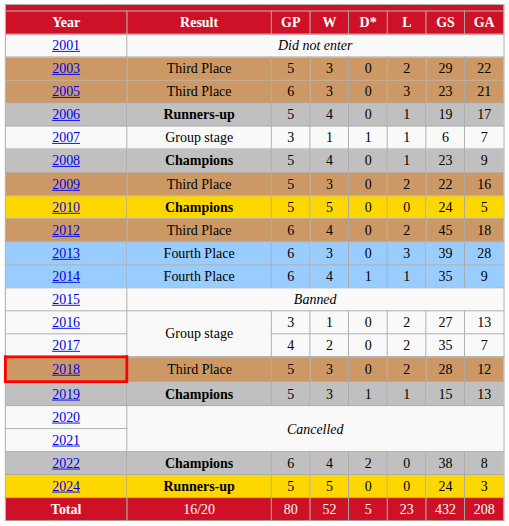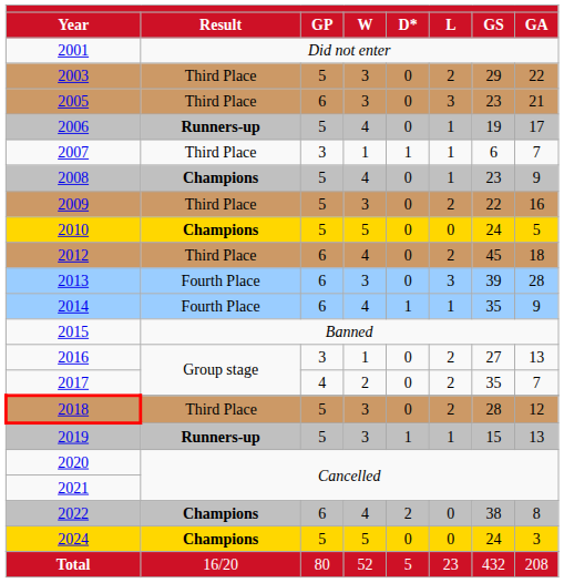 <table class="wikitable" style="text-align: center;font-size:95%;">
 <tr>
 <th colspan=9 style="background: #CE1126; color: #FFFFFF;"><a href='#'></a></th>
 </tr>
 <tr style="color:white;">
 <th style="background:#CE1126;" width=125>Year</th>
 <th style="background:#CE1126;" width=150>Result</th>
 <th style="background:#CE1126;" width=35>GP</th>
 <th style="background:#CE1126;" width=35>W</th>
 <th style="background:#CE1126;" width=35>D*</th>
 <th style="background:#CE1126;" width=35>L</th>
 <th style="background:#CE1126;" width=35>GS</th>
 <th style="background:#CE1126;" width=35>GA</th>
 </tr>
 <tr>
 <td> <a href='#'>2001</a></td>
 <td colspan=8><em>Did not enter</em></td>
 </tr>
 <tr bgcolor=#cc9966>
 <td> <a href='#'>2003</a></td>
 <td>Third Place</td>
 <td>5</td>
 <td>3</td>
 <td>0</td>
 <td>2</td>
 <td>29</td>
 <td>22</td>
 </tr>
 <tr bgcolor=#cc9966>
 <td> <a href='#'>2005</a></td>
 <td>Third Place</td>
 <td>6</td>
 <td>3</td>
 <td>0</td>
 <td>3</td>
 <td>23</td>
 <td>21</td>
 </tr>
 <tr bgcolor=silver>
 <td> <a href='#'>2006</a></td>
 <td><strong>Runners-up</strong></td>
 <td>5</td>
 <td>4</td>
 <td>0</td>
 <td>1</td>
 <td>19</td>
 <td>17</td>
 </tr>
 <tr>
 <td> <a href='#'>2007</a></td>
-<td>Group stage</td>
+<td>Third Place</td>
 <td>3</td>
 <td>1</td>
 <td>1</td>
 <td>1</td>
 <td>6</td>
 <td>7</td>
 </tr>
 <tr bgcolor=silver>
 <td> <a href='#'>2008</a></td>
 <td><strong>Champions</strong></td>
 <td>5</td>
 <td>4</td>
 <td>0</td>
 <td>1</td>
 <td>23</td>
 <td>9</td>
 </tr>
 <tr bgcolor=#cc9966>
 <td> <a href='#'>2009</a></td>
 <td>Third Place</td>
 <td>5</td>
 <td>3</td>
 <td>0</td>
 <td>2</td>
 <td>22</td>
 <td>16</td>
 </tr>
 <tr bgcolor=gold>
 <td> <a href='#'>2010</a></td>
 <td><strong>Champions</strong></td>
 <td>5</td>
 <td>5</td>
 <td>0</td>
 <td>0</td>
 <td>24</td>
 <td>5</td>
 </tr>
 <tr bgcolor=#cc9966>
 <td> <a href='#'>2012</a></td>
 <td>Third Place</td>
 <td>6</td>
 <td>4</td>
 <td>0</td>
 <td>2</td>
 <td>45</td>
 <td>18</td>
 </tr>
 <tr bgcolor=#9acdff>
 <td> <a href='#'>2013</a></td>
 <td>Fourth Place</td>
 <td>6</td>
 <td>3</td>
 <td>0</td>
 <td>3</td>
 <td>39</td>
 <td>28</td>
 </tr>
 <tr bgcolor=#9acdff>
 <td> <a href='#'>2014</a></td>
 <td>Fourth Place</td>
 <td>6</td>
 <td>4</td>
 <td>1</td>
 <td>1</td>
 <td>35</td>
 <td>9</td>
 </tr>
 <tr>
 <td> <a href='#'>2015</a></td>
 <td colspan=8><em>Banned</em></td>
 </tr>
 <tr>
 <td> <a href='#'>2016</a></td>
 <td rowspan="2">Group stage</td>
 <td>3</td>
 <td>1</td>
 <td>0</td>
 <td>2</td>
 <td>27</td>
 <td>13</td>
 </tr>
 <tr>
 <td> <a href='#'>2017</a></td>
 <td>4</td>
 <td>2</td>
 <td>0</td>
 <td>2</td>
 <td>35</td>
 <td>7</td>
 </tr>
 <tr>
 </tr>
 <tr bgcolor=#cc9966>
 <td style="border: 3px solid red"> <a href='#'>2018</a></td>
 <td>Third Place</td>
 <td>5</td>
 <td>3</td>
 <td>0</td>
 <td>2</td>
 <td>28</td>
 <td>12</td>
 </tr>
 <tr bgcolor=silver>
 <td> <a href='#'>2019</a></td>
-<td><strong>Champions</strong></td>
+<td><strong>Runners-up</strong></td>
 <td>5</td>
 <td>3</td>
 <td>1</td>
 <td>1</td>
 <td>15</td>
 <td>13</td>
 </tr>
 <tr>
 <td> <a href='#'>2020</a></td>
 <td colspan=8 rowspan=2><em>Cancelled</em></td>
 </tr>
 <tr>
 <td> <a href='#'>2021</a></td>
 </tr>
 <tr bgcolor=silver>
 <td> <a href='#'>2022</a></td>
 <td><strong>Champions</strong></td>
 <td>6</td>
 <td>4</td>
 <td>2</td>
 <td>0</td>
 <td>38</td>
 <td>8</td>
 </tr>
 <tr bgcolor=gold>
 <td> <a href='#'>2024</a></td>
-<td><strong>Runners-up</strong></td>
+<td><strong>Champions</strong></td>
 <td>5</td>
 <td>5</td>
 <td>0</td>
 <td>0</td>
 <td>24</td>
 <td>3</td>
 </tr>
 <tr>
 </tr>
 <tr bgcolor="#CE1126" style="color:white;">
 <td><strong>Total</strong></td>
 <td>16/20</td>
 <td>80</td>
 <td>52</td>
 <td>5</td>
 <td>23</td>
 <td>432</td>
 <td>208</td>
 </tr>
 </table>
